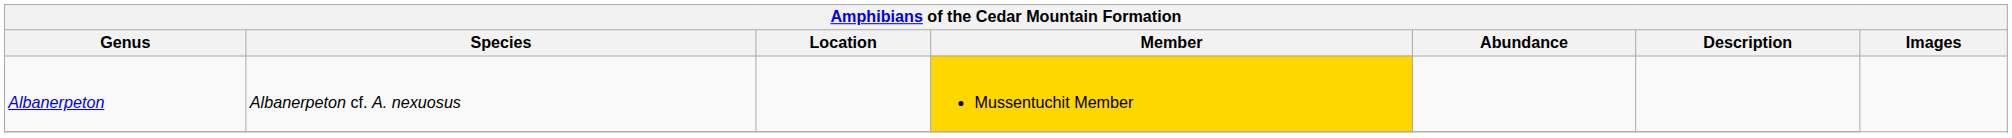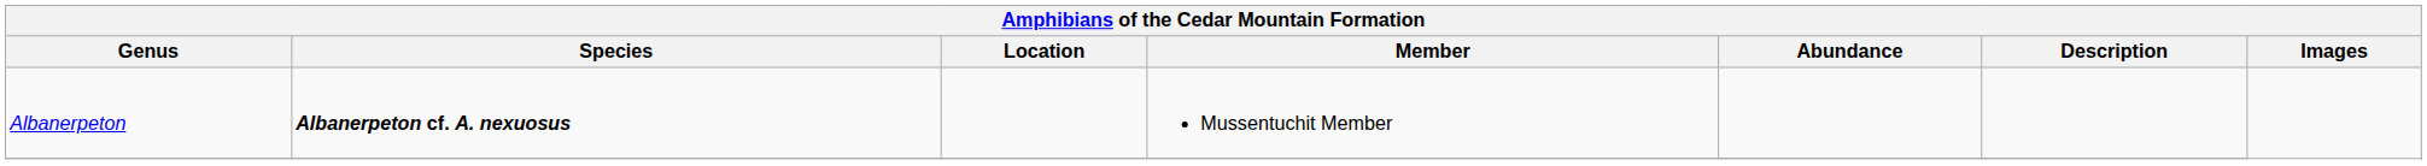 <table class="wikitable" align="center" width="100%">
 <tr>
 <th colspan="7" align="center"><strong><a href='#'>Amphibians</a> of the Cedar Mountain Formation</strong></th>
 </tr>
 <tr>
 <th>Genus</th>
 <th>Species</th>
 <th>Location</th>
 <th>Member</th>
 <th>Abundance</th>
 <th>Description</th>
 <th>Images</th>
 </tr>
 <tr>
 <td><br><em><a href='#'>Albanerpeton</a></em></td>
-<td><br><em>Albanerpeton</em> cf. <em>A. nexuosus</em></td>
+<td><strong><br><em>Albanerpeton</em> cf. <em>A. nexuosus</em></strong></td>
 <td></td>
-<td style="background: gold;"><br><ul><li>Mussentuchit Member</li></ul></td>
+<td><br><ul><li>Mussentuchit Member</li></ul></td>
 <td></td>
 <td></td>
 <td rowspan="99"><br></td>
 </tr>
 <tr>
 </tr>
 </table>
